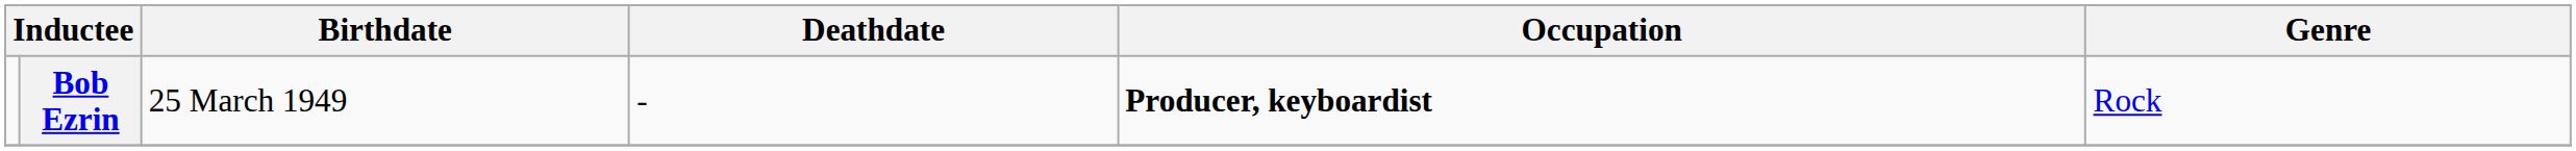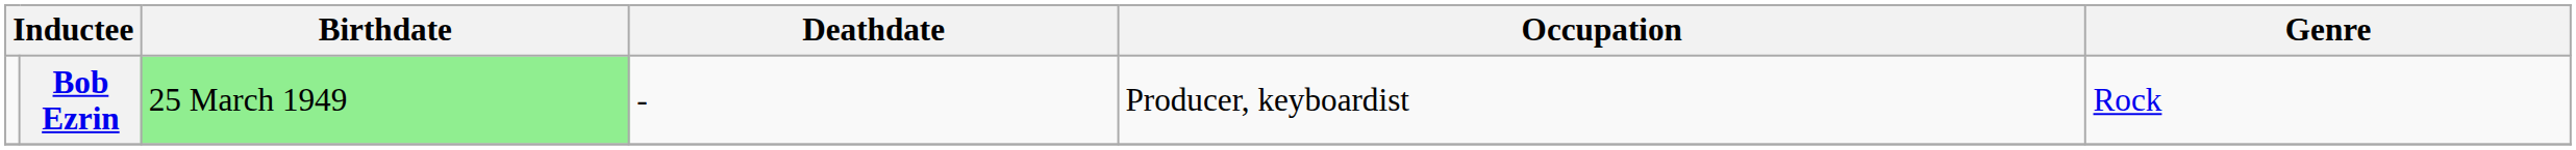 <table class="wikitable" width="100%">
 <tr>
 <th colspan=2>Inductee</th>
 <th width="20%">Birthdate</th>
 <th width="20%">Deathdate</th>
 <th width="40%">Occupation</th>
 <th width="40%">Genre</th>
 </tr>
 <tr>
 <td></td>
 <th><a href='#'>Bob Ezrin</a></th>
-<td>25 March 1949</td>
+<td style="background: lightgreen;">25 March 1949</td>
 <td>-</td>
-<td><strong>Producer, keyboardist</strong></td>
+<td>Producer, keyboardist</td>
 <td><a href='#'>Rock</a></td>
 </tr>
 <tr>
 </tr>
 </table>
